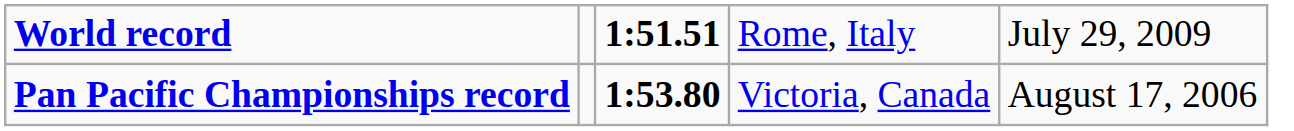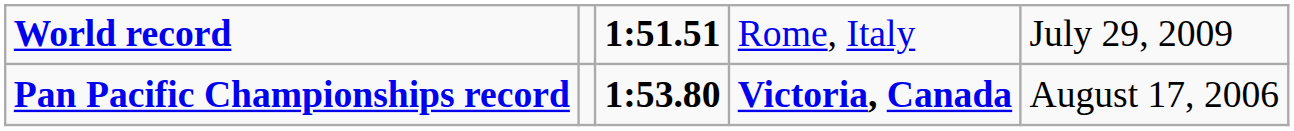 <table class="wikitable">
 <tr>
 <td><strong><a href='#'>World record</a></strong></td>
 <td></td>
 <td><strong>1:51.51</strong></td>
 <td><a href='#'>Rome</a>, <a href='#'>Italy</a></td>
 <td>July 29, 2009</td>
 </tr>
 <tr>
 <td><strong><a href='#'>Pan Pacific Championships record</a></strong></td>
 <td></td>
 <td><strong>1:53.80</strong></td>
-<td><a href='#'>Victoria</a>, <a href='#'>Canada</a></td>
+<td><strong><a href='#'>Victoria</a>, <a href='#'>Canada</a></strong></td>
 <td>August 17, 2006</td>
 </tr>
 </table>
